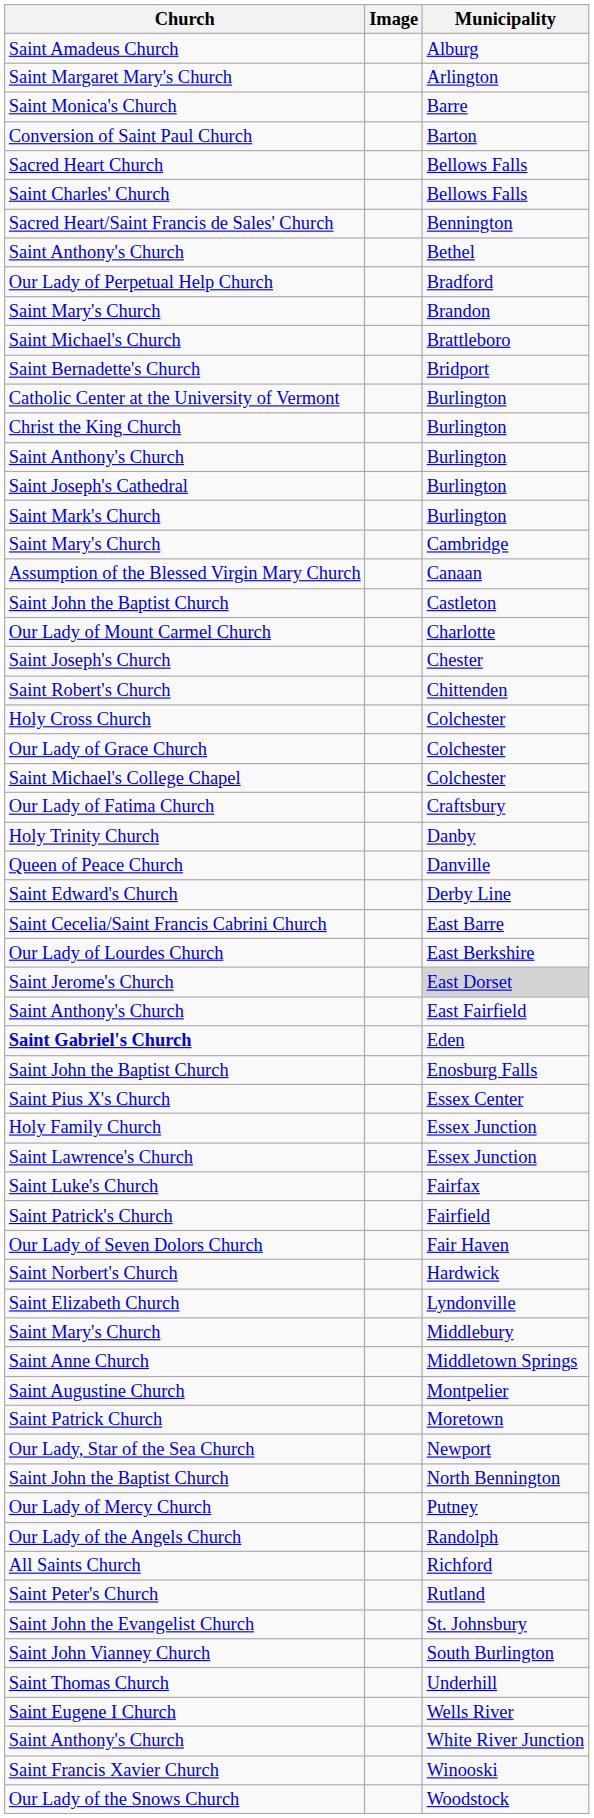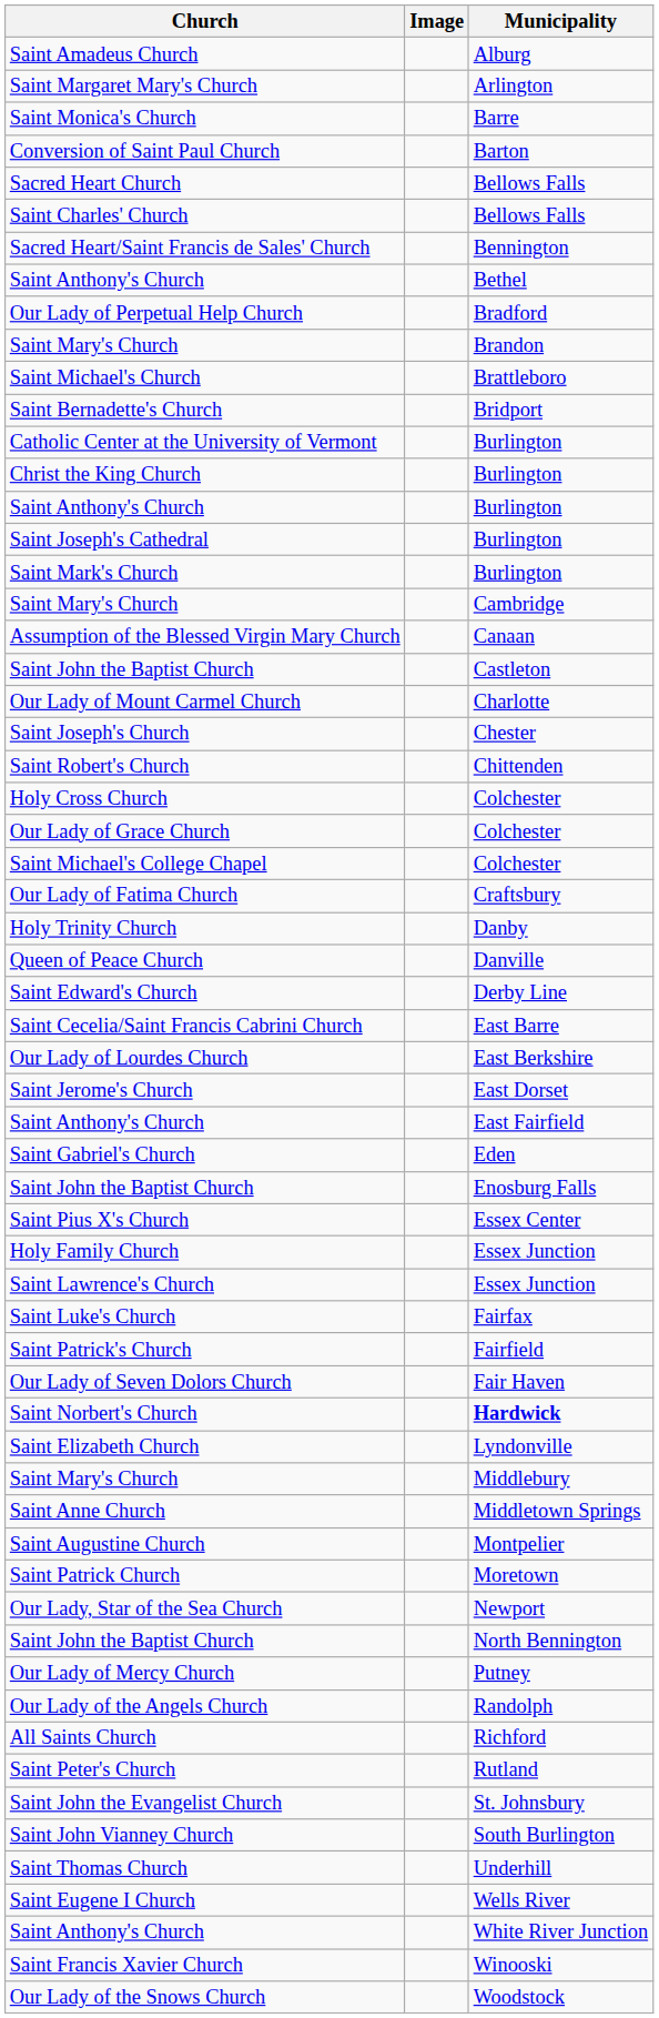 <table class="wikitable sortable">
 <tr>
 <th>Church</th>
 <th>Image</th>
 <th>Municipality</th>
 </tr>
 <tr>
 <td><a href='#'>Saint Amadeus Church</a></td>
 <td></td>
 <td><a href='#'>Alburg</a></td>
 </tr>
 <tr>
 <td><a href='#'>Saint Margaret Mary's Church</a></td>
 <td></td>
 <td><a href='#'>Arlington</a></td>
 </tr>
 <tr>
 <td><a href='#'>Saint Monica's Church</a></td>
 <td></td>
 <td><a href='#'>Barre</a></td>
 </tr>
 <tr>
 <td><a href='#'>Conversion of Saint Paul Church</a></td>
 <td></td>
 <td><a href='#'>Barton</a></td>
 </tr>
 <tr>
 <td><a href='#'>Sacred Heart Church</a></td>
 <td></td>
 <td><a href='#'>Bellows Falls</a></td>
 </tr>
 <tr>
 <td><a href='#'>Saint Charles' Church</a></td>
 <td></td>
 <td><a href='#'>Bellows Falls</a></td>
 </tr>
 <tr>
 <td><a href='#'>Sacred Heart/Saint Francis de Sales' Church</a></td>
 <td></td>
 <td><a href='#'>Bennington</a></td>
 </tr>
 <tr>
 <td><a href='#'>Saint Anthony's Church</a></td>
 <td></td>
 <td><a href='#'>Bethel</a></td>
 </tr>
 <tr>
 <td><a href='#'>Our Lady of Perpetual Help Church</a></td>
 <td></td>
 <td><a href='#'>Bradford</a></td>
 </tr>
 <tr>
 <td><a href='#'>Saint Mary's Church</a></td>
 <td></td>
 <td><a href='#'>Brandon</a></td>
 </tr>
 <tr>
 <td><a href='#'>Saint Michael's Church</a></td>
 <td></td>
 <td><a href='#'>Brattleboro</a></td>
 </tr>
 <tr>
 <td><a href='#'>Saint Bernadette's Church</a></td>
 <td></td>
 <td><a href='#'>Bridport</a></td>
 </tr>
 <tr>
 <td><a href='#'>Catholic Center at the University of Vermont</a></td>
 <td></td>
 <td><a href='#'>Burlington</a></td>
 </tr>
 <tr>
 <td><a href='#'>Christ the King Church</a></td>
 <td></td>
 <td><a href='#'>Burlington</a></td>
 </tr>
 <tr>
 <td><a href='#'>Saint Anthony's Church</a></td>
 <td></td>
 <td><a href='#'>Burlington</a></td>
 </tr>
 <tr>
 <td><a href='#'>Saint Joseph's Cathedral</a></td>
 <td></td>
 <td><a href='#'>Burlington</a></td>
 </tr>
 <tr>
 <td><a href='#'>Saint Mark's Church</a></td>
 <td></td>
 <td><a href='#'>Burlington</a></td>
 </tr>
 <tr>
 <td><a href='#'>Saint Mary's Church</a></td>
 <td></td>
 <td><a href='#'>Cambridge</a></td>
 </tr>
 <tr>
 <td><a href='#'>Assumption of the Blessed Virgin Mary Church</a></td>
 <td></td>
 <td><a href='#'>Canaan</a></td>
 </tr>
 <tr>
 <td><a href='#'>Saint John the Baptist Church</a></td>
 <td></td>
 <td><a href='#'>Castleton</a></td>
 </tr>
 <tr>
 <td><a href='#'>Our Lady of Mount Carmel Church</a></td>
 <td></td>
 <td><a href='#'>Charlotte</a></td>
 </tr>
 <tr>
 <td><a href='#'>Saint Joseph's Church</a></td>
 <td></td>
 <td><a href='#'>Chester</a></td>
 </tr>
 <tr>
 <td><a href='#'>Saint Robert's Church</a></td>
 <td></td>
 <td><a href='#'>Chittenden</a></td>
 </tr>
 <tr>
 <td><a href='#'>Holy Cross Church</a></td>
 <td></td>
 <td><a href='#'>Colchester</a></td>
 </tr>
 <tr>
 <td><a href='#'>Our Lady of Grace Church</a></td>
 <td></td>
 <td><a href='#'>Colchester</a></td>
 </tr>
 <tr>
 <td><a href='#'>Saint Michael's College Chapel</a></td>
 <td></td>
 <td><a href='#'>Colchester</a></td>
 </tr>
 <tr>
 <td><a href='#'>Our Lady of Fatima Church</a></td>
 <td></td>
 <td><a href='#'>Craftsbury</a></td>
 </tr>
 <tr>
 <td><a href='#'>Holy Trinity Church</a></td>
 <td></td>
 <td><a href='#'>Danby</a></td>
 </tr>
 <tr>
 <td><a href='#'>Queen of Peace Church</a></td>
 <td></td>
 <td><a href='#'>Danville</a></td>
 </tr>
 <tr>
 <td><a href='#'>Saint Edward's Church</a></td>
 <td></td>
 <td><a href='#'>Derby Line</a></td>
 </tr>
 <tr>
 <td><a href='#'>Saint Cecelia/Saint Francis Cabrini Church</a></td>
 <td></td>
 <td><a href='#'>East Barre</a></td>
 </tr>
 <tr>
 <td><a href='#'>Our Lady of Lourdes Church</a></td>
 <td></td>
 <td><a href='#'>East Berkshire</a></td>
 </tr>
 <tr>
 <td><a href='#'>Saint Jerome's Church</a></td>
 <td></td>
-<td style="background: lightgrey;"><a href='#'>East Dorset</a></td>
+<td><a href='#'>East Dorset</a></td>
 </tr>
 <tr>
 <td><a href='#'>Saint Anthony's Church</a></td>
 <td></td>
 <td><a href='#'>East Fairfield</a></td>
 </tr>
 <tr>
-<td><strong><a href='#'>Saint Gabriel's Church</a></strong></td>
+<td><a href='#'>Saint Gabriel's Church</a></td>
 <td></td>
 <td><a href='#'>Eden</a></td>
 </tr>
 <tr>
 <td><a href='#'>Saint John the Baptist Church</a></td>
 <td></td>
 <td><a href='#'>Enosburg Falls</a></td>
 </tr>
 <tr>
 <td><a href='#'>Saint Pius X's Church</a></td>
 <td></td>
 <td><a href='#'>Essex Center</a></td>
 </tr>
 <tr>
 <td><a href='#'>Holy Family Church</a></td>
 <td></td>
 <td><a href='#'>Essex Junction</a></td>
 </tr>
 <tr>
 <td><a href='#'>Saint Lawrence's Church</a></td>
 <td></td>
 <td><a href='#'>Essex Junction</a></td>
 </tr>
 <tr>
 <td><a href='#'>Saint Luke's Church</a></td>
 <td></td>
 <td><a href='#'>Fairfax</a></td>
 </tr>
 <tr>
 <td><a href='#'>Saint Patrick's Church</a></td>
 <td></td>
 <td><a href='#'>Fairfield</a></td>
 </tr>
 <tr>
 <td><a href='#'>Our Lady of Seven Dolors Church</a></td>
 <td></td>
 <td><a href='#'>Fair Haven</a></td>
 </tr>
 <tr>
 <td><a href='#'>Saint Norbert's Church</a></td>
 <td></td>
-<td><a href='#'>Hardwick</a></td>
+<td><strong><a href='#'>Hardwick</a></strong></td>
 </tr>
 <tr>
 <td><a href='#'>Saint Elizabeth Church</a></td>
 <td></td>
 <td><a href='#'>Lyndonville</a></td>
 </tr>
 <tr>
 <td><a href='#'>Saint Mary's Church</a></td>
 <td></td>
 <td><a href='#'>Middlebury</a></td>
 </tr>
 <tr>
 <td><a href='#'>Saint Anne Church</a></td>
 <td></td>
 <td><a href='#'>Middletown Springs</a></td>
 </tr>
 <tr>
 <td><a href='#'>Saint Augustine Church</a></td>
 <td></td>
 <td><a href='#'>Montpelier</a></td>
 </tr>
 <tr>
 <td><a href='#'>Saint Patrick Church</a></td>
 <td></td>
 <td><a href='#'>Moretown</a></td>
 </tr>
 <tr>
 <td><a href='#'>Our Lady, Star of the Sea Church</a></td>
 <td></td>
 <td><a href='#'>Newport</a></td>
 </tr>
 <tr>
 <td><a href='#'>Saint John the Baptist Church</a></td>
 <td></td>
 <td><a href='#'>North Bennington</a></td>
 </tr>
 <tr>
 <td><a href='#'>Our Lady of Mercy Church</a></td>
 <td></td>
 <td><a href='#'>Putney</a></td>
 </tr>
 <tr>
 <td><a href='#'>Our Lady of the Angels Church</a></td>
 <td></td>
 <td><a href='#'>Randolph</a></td>
 </tr>
 <tr>
 <td><a href='#'>All Saints Church</a></td>
 <td></td>
 <td><a href='#'>Richford</a></td>
 </tr>
 <tr>
 <td><a href='#'>Saint Peter's Church</a></td>
 <td></td>
 <td><a href='#'>Rutland</a></td>
 </tr>
 <tr>
 <td><a href='#'>Saint John the Evangelist Church</a></td>
 <td></td>
 <td><a href='#'>St. Johnsbury</a></td>
 </tr>
 <tr>
 <td><a href='#'>Saint John Vianney Church</a></td>
 <td></td>
 <td><a href='#'>South Burlington</a></td>
 </tr>
 <tr>
 <td><a href='#'>Saint Thomas Church</a></td>
 <td></td>
 <td><a href='#'>Underhill</a></td>
 </tr>
 <tr>
 <td><a href='#'>Saint Eugene I Church</a></td>
 <td></td>
 <td><a href='#'>Wells River</a></td>
 </tr>
 <tr>
 <td><a href='#'>Saint Anthony's Church</a></td>
 <td></td>
 <td><a href='#'>White River Junction</a></td>
 </tr>
 <tr>
 <td><a href='#'>Saint Francis Xavier Church</a></td>
 <td></td>
 <td><a href='#'>Winooski</a></td>
 </tr>
 <tr>
 <td><a href='#'>Our Lady of the Snows Church</a></td>
 <td></td>
 <td><a href='#'>Woodstock</a><br></td>
 </tr>
 </table>
